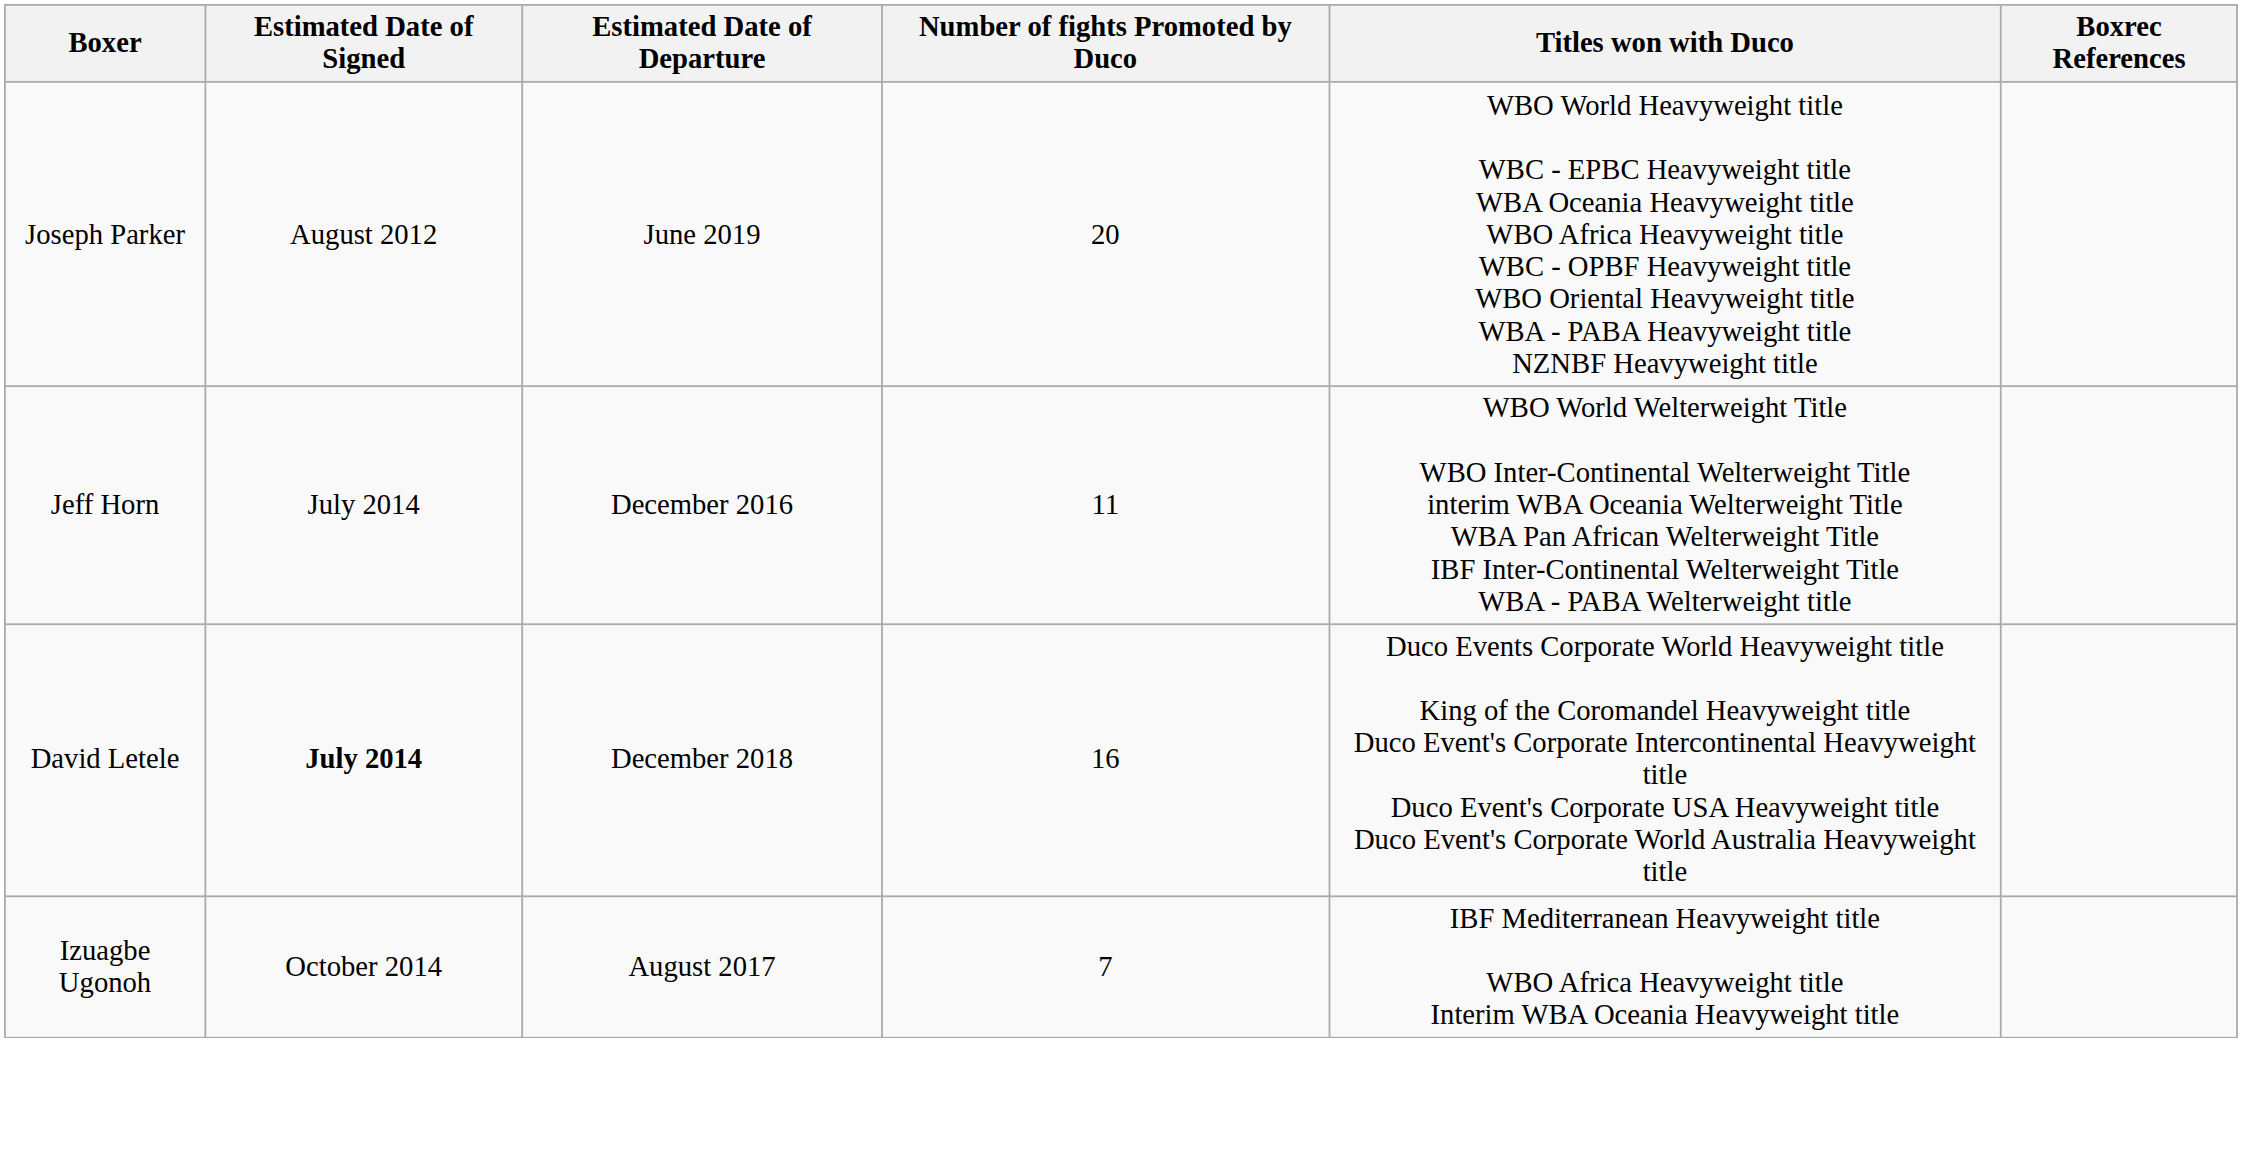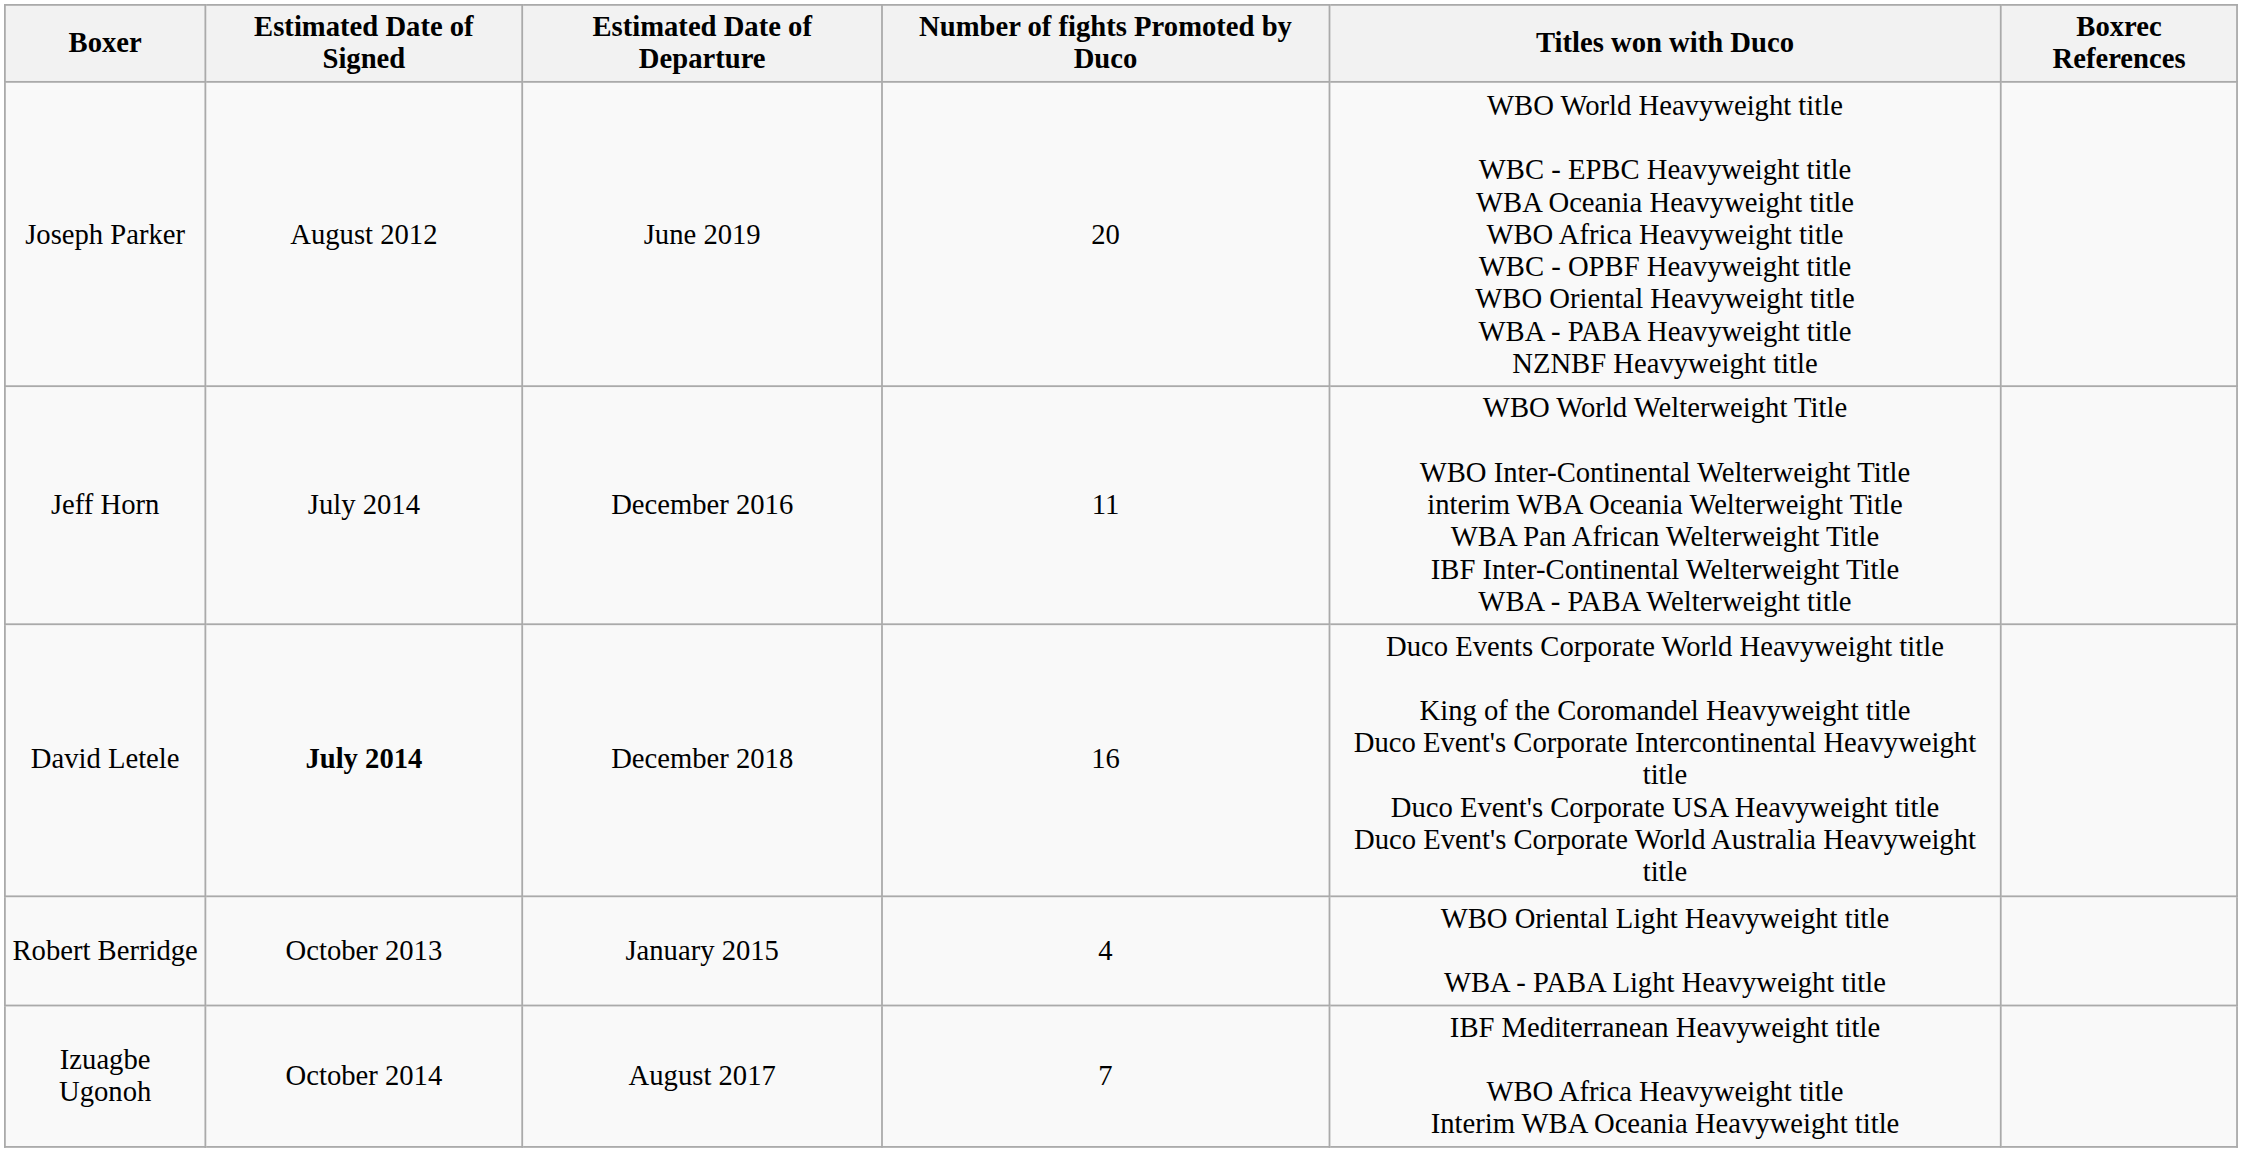 <table class="wikitable">
 <tr>
 <th style="text-align: center; font-weight:bold;">Boxer</th>
 <th style="text-align: center; font-weight:bold;">Estimated Date of Signed</th>
 <th style="text-align: center; font-weight:bold;">Estimated Date of Departure</th>
 <th style="text-align: center; font-weight:bold;">Number of fights Promoted by Duco</th>
 <th style="text-align: center; font-weight:bold;">Titles won with Duco</th>
 <th style="text-align: center; font-weight:bold;">Boxrec References</th>
 </tr>
 <tr>
 <td style="text-align: center;">Joseph Parker</td>
 <td style="text-align: center;">August 2012</td>
 <td style="text-align: center;">June 2019</td>
 <td style="text-align: center;">20</td>
 <td style="text-align: center;">WBO World Heavyweight title<br><br>WBC - EPBC Heavyweight title<br> WBA Oceania Heavyweight title<br> WBO Africa Heavyweight title<br> WBC - OPBF Heavyweight title<br> WBO Oriental Heavyweight title<br> WBA - PABA Heavyweight title<br> NZNBF Heavyweight title</td>
 <td style="text-align: center;"></td>
 </tr>
 <tr>
 <td style="text-align: center;">Jeff Horn</td>
 <td style="text-align: center;">July 2014</td>
 <td style="text-align: center;">December 2016</td>
 <td style="text-align: center;">11</td>
 <td style="text-align: center;">WBO World Welterweight Title<br><br>WBO Inter-Continental Welterweight Title<br> interim WBA Oceania Welterweight Title<br> WBA Pan African Welterweight Title<br> IBF Inter-Continental Welterweight Title<br> WBA - PABA Welterweight title</td>
 <td style="text-align: center;"></td>
 </tr>
 <tr>
 <td style="text-align: center;">David Letele</td>
 <td style="text-align: center;"><strong>July 2014</strong></td>
 <td style="text-align: center;">December 2018</td>
 <td style="text-align: center;">16</td>
 <td style="text-align: center;">Duco Events Corporate World Heavyweight title<br><br>King of the Coromandel Heavyweight title<br> Duco Event's Corporate Intercontinental Heavyweight title<br> Duco Event's Corporate USA Heavyweight title<br> Duco Event's Corporate World Australia Heavyweight title</td>
 <td style="text-align: center;"></td>
 </tr>
 <tr>
+<td style="text-align: center;">Robert Berridge</td>
+<td style="text-align: center;">October 2013</td>
+<td style="text-align: center;">January 2015</td>
+<td style="text-align: center;">4</td>
+<td style="text-align: center;">WBO Oriental Light Heavyweight title<br><br>WBA - PABA Light Heavyweight title</td>
+<td style="text-align: center;"></td>
+</tr>
+<tr>
 <td style="text-align: center;">Izuagbe Ugonoh</td>
 <td style="text-align: center;">October 2014</td>
 <td style="text-align: center;">August 2017</td>
 <td style="text-align: center;">7</td>
 <td style="text-align: center;">IBF Mediterranean Heavyweight title<br><br>WBO Africa Heavyweight title<br> Interim WBA Oceania Heavyweight title</td>
 <td style="text-align: center;"></td>
 </tr>
 </table>
